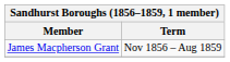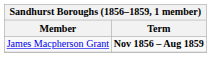 <table class="wikitable">
 <tr>
 <th colspan=2 style="border-right:0px;";>Sandhurst Boroughs (1856–1859, 1 member)</th>
 </tr>
 <tr>
 <th>Member</th>
 <th>Term</th>
 </tr>
 <tr>
 <td><a href='#'>James Macpherson Grant</a></td>
-<td>Nov 1856 – Aug 1859</td>
+<td><strong>Nov 1856 – Aug 1859</strong></td>
 </tr>
 <tr>
 </tr>
 </table>
